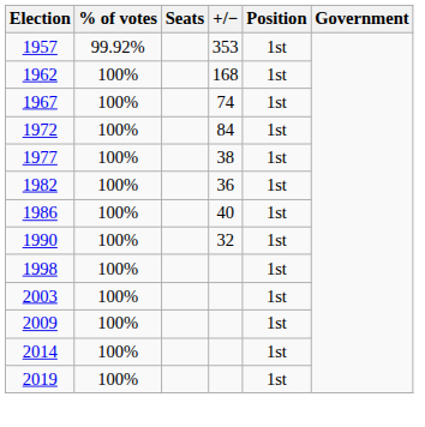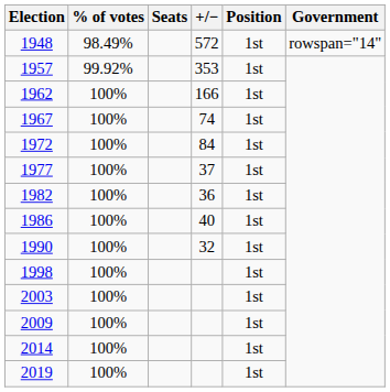 <table class="wikitable" style="text-align:center">
 <tr>
 <th>Election</th>
 <th>% of votes</th>
 <th>Seats</th>
 <th>+/−</th>
 <th>Position</th>
 <th>Government</th>
+</tr>
+<tr>
+<td><a href='#'>1948</a></td>
+<td>98.49%</td>
+<td></td>
+<td> 572</td>
+<td> 1st</td>
+<td>rowspan="14" </td>
 </tr>
 <tr>
 <td><a href='#'>1957</a></td>
 <td>99.92%</td>
 <td></td>
 <td> 353</td>
 <td> 1st</td>
 </tr>
 <tr>
 <td><a href='#'>1962</a></td>
 <td>100%</td>
 <td></td>
-<td> 168</td>
+<td> 166</td>
 <td> 1st</td>
 </tr>
 <tr>
 <td><a href='#'>1967</a></td>
 <td>100%</td>
 <td></td>
 <td> 74</td>
 <td> 1st</td>
 </tr>
 <tr>
 <td><a href='#'>1972</a></td>
 <td>100%</td>
 <td></td>
 <td> 84</td>
 <td> 1st</td>
 </tr>
 <tr>
 <td><a href='#'>1977</a></td>
 <td>100%</td>
 <td></td>
-<td> 38</td>
+<td> 37</td>
 <td> 1st</td>
 </tr>
 <tr>
 <td><a href='#'>1982</a></td>
 <td>100%</td>
 <td></td>
 <td> 36</td>
 <td> 1st</td>
 </tr>
 <tr>
 <td><a href='#'>1986</a></td>
 <td>100%</td>
 <td></td>
 <td> 40</td>
 <td> 1st</td>
 </tr>
 <tr>
 <td><a href='#'>1990</a></td>
 <td>100%</td>
 <td></td>
 <td> 32</td>
 <td> 1st</td>
 </tr>
 <tr>
 <td><a href='#'>1998</a></td>
 <td>100%</td>
 <td></td>
 <td></td>
 <td> 1st</td>
 </tr>
 <tr>
 <td><a href='#'>2003</a></td>
 <td>100%</td>
 <td></td>
 <td></td>
 <td> 1st</td>
 </tr>
 <tr>
 <td><a href='#'>2009</a></td>
 <td>100%</td>
 <td></td>
 <td></td>
 <td> 1st</td>
 </tr>
 <tr>
 <td><a href='#'>2014</a></td>
 <td>100%</td>
 <td></td>
 <td></td>
 <td> 1st</td>
 </tr>
 <tr>
 <td><a href='#'>2019</a></td>
 <td>100%</td>
 <td></td>
 <td></td>
 <td> 1st</td>
 </tr>
 </table>
